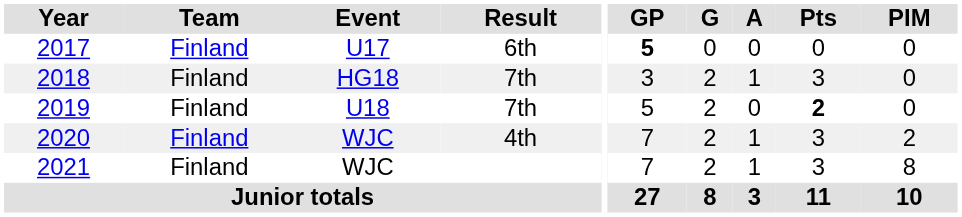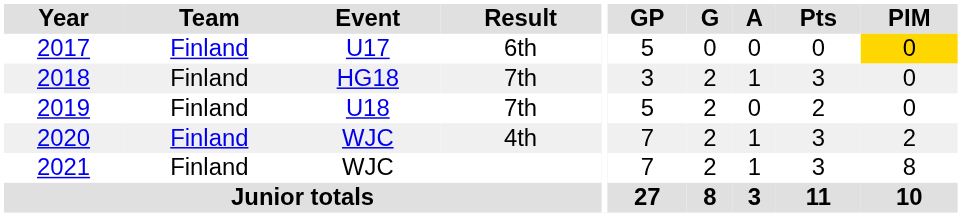 <table border="0" cellpadding="1" cellspacing="0" ID="Table3" style="text-align:center; width:40em;">
 <tr bgcolor="#e0e0e0">
 <th>Year</th>
 <th>Team</th>
 <th>Event</th>
 <th>Result</th>
 <th rowspan="99" bgcolor="#ffffff"></th>
 <th>GP</th>
 <th>G</th>
 <th>A</th>
 <th>Pts</th>
 <th>PIM</th>
 </tr>
 <tr>
 <td><a href='#'>2017</a></td>
 <td><a href='#'>Finland</a></td>
 <td><a href='#'>U17</a></td>
 <td>6th</td>
-<td><strong>5</strong></td>
+<td>5</td>
 <td>0</td>
 <td>0</td>
 <td>0</td>
-<td>0</td>
+<td style="background: gold;">0</td>
 </tr>
 <tr bgcolor="#f0f0f0">
 <td><a href='#'>2018</a></td>
 <td>Finland</td>
 <td><a href='#'>HG18</a></td>
 <td>7th</td>
 <td>3</td>
 <td>2</td>
 <td>1</td>
 <td>3</td>
 <td>0</td>
 </tr>
 <tr>
 <td><a href='#'>2019</a></td>
 <td>Finland</td>
 <td><a href='#'>U18</a></td>
 <td>7th</td>
 <td>5</td>
 <td>2</td>
 <td>0</td>
-<td><strong>2</strong></td>
+<td>2</td>
 <td>0</td>
 </tr>
 <tr bgcolor="#f0f0f0">
 <td><a href='#'>2020</a></td>
 <td><a href='#'>Finland</a></td>
 <td><a href='#'>WJC</a></td>
 <td>4th</td>
 <td>7</td>
 <td>2</td>
 <td>1</td>
 <td>3</td>
 <td>2</td>
 </tr>
 <tr>
 <td><a href='#'>2021</a></td>
 <td>Finland</td>
 <td>WJC</td>
 <td></td>
 <td>7</td>
 <td>2</td>
 <td>1</td>
 <td>3</td>
 <td>8</td>
 </tr>
 <tr bgcolor="#e0e0e0">
 <th colspan="4">Junior totals</th>
 <th>27</th>
 <th>8</th>
 <th>3</th>
 <th>11</th>
 <th>10</th>
 </tr>
 </table>
